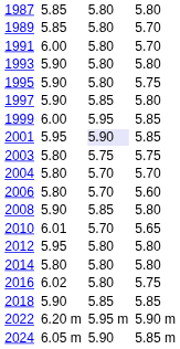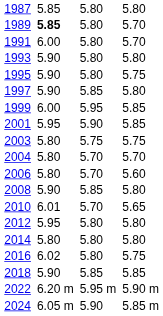 <table>
 <tr valign="top">
 <td><a href='#'>1987</a><br></td>
 <td></td>
 <td>5.85</td>
 <td></td>
 <td>5.80</td>
 <td></td>
 <td>5.80</td>
 </tr>
 <tr valign="top">
 <td><a href='#'>1989</a><br></td>
 <td></td>
-<td>5.85 </td>
+<td><strong>5.85 </strong></td>
 <td></td>
 <td>5.80 </td>
 <td></td>
 <td>5.70</td>
 </tr>
 <tr valign="top">
 <td><a href='#'>1991</a><br></td>
 <td></td>
 <td>6.00 </td>
 <td></td>
 <td>5.80</td>
 <td></td>
 <td>5.70</td>
 </tr>
 <tr valign="top">
 <td><a href='#'>1993</a><br></td>
 <td></td>
 <td>5.90</td>
 <td></td>
 <td>5.80</td>
 <td></td>
 <td>5.80</td>
 </tr>
 <tr valign="top">
 <td><a href='#'>1995</a><br></td>
 <td></td>
 <td>5.90</td>
 <td></td>
 <td>5.80</td>
 <td></td>
 <td>5.75</td>
 </tr>
 <tr valign="top">
 <td><a href='#'>1997</a><br></td>
 <td></td>
 <td>5.90 </td>
 <td></td>
 <td>5.85</td>
 <td></td>
 <td>5.80</td>
 </tr>
 <tr valign="top">
 <td><a href='#'>1999</a><br></td>
 <td></td>
 <td>6.00 </td>
 <td></td>
 <td>5.95 </td>
 <td></td>
 <td>5.85</td>
 </tr>
 <tr valign="top">
 <td><a href='#'>2001</a><br></td>
 <td></td>
 <td>5.95</td>
 <td></td>
-<td style="background: lavender;">5.90</td>
+<td>5.90</td>
 <td></td>
 <td>5.85</td>
 </tr>
 <tr valign="top">
 <td><a href='#'>2003</a><br></td>
 <td></td>
 <td>5.80</td>
 <td></td>
 <td>5.75 </td>
 <td></td>
 <td>5.75 </td>
 </tr>
 <tr valign="top">
 <td><a href='#'>2004</a><br></td>
 <td></td>
 <td>5.80 </td>
 <td></td>
 <td>5.70 </td>
 <td></td>
 <td>5.70</td>
 </tr>
 <tr valign="top">
 <td><a href='#'>2006</a><br></td>
 <td></td>
 <td>5.80 </td>
 <td></td>
 <td>5.70</td>
 <td></td>
 <td>5.60</td>
 </tr>
 <tr valign="top">
 <td><a href='#'>2008</a><br></td>
 <td></td>
 <td>5.90 </td>
 <td></td>
 <td>5.85 </td>
 <td></td>
 <td>5.80 </td>
 </tr>
 <tr valign="top">
 <td><a href='#'>2010</a><br></td>
 <td></td>
 <td>6.01 </td>
 <td></td>
 <td>5.70</td>
 <td></td>
 <td>5.65</td>
 </tr>
 <tr valign="top">
 <td><a href='#'>2012</a><br></td>
 <td></td>
 <td>5.95 </td>
 <td></td>
 <td>5.80</td>
 <td></td>
 <td>5.80</td>
 </tr>
 <tr valign="top">
 <td><a href='#'>2014</a><br></td>
 <td></td>
 <td>5.80 </td>
 <td></td>
 <td>5.80</td>
 <td></td>
 <td>5.80 </td>
 </tr>
 <tr valign="top">
 <td><a href='#'>2016</a><br></td>
 <td></td>
 <td>6.02 </td>
 <td></td>
 <td>5.80</td>
 <td></td>
 <td>5.75</td>
 </tr>
 <tr valign="top">
 <td><a href='#'>2018</a><br></td>
 <td></td>
 <td>5.90</td>
 <td></td>
 <td>5.85</td>
 <td></td>
 <td>5.85</td>
 </tr>
 <tr valign="top">
 <td><a href='#'>2022</a><br></td>
 <td></td>
 <td>6.20 m </td>
 <td></td>
 <td>5.95 m </td>
 <td></td>
 <td>5.90 m</td>
 </tr>
 <tr valign="top">
 <td><a href='#'>2024</a><br></td>
 <td></td>
 <td>6.05 m</td>
 <td></td>
 <td>5.90</td>
 <td></td>
 <td>5.85 m</td>
 </tr>
 </table>
